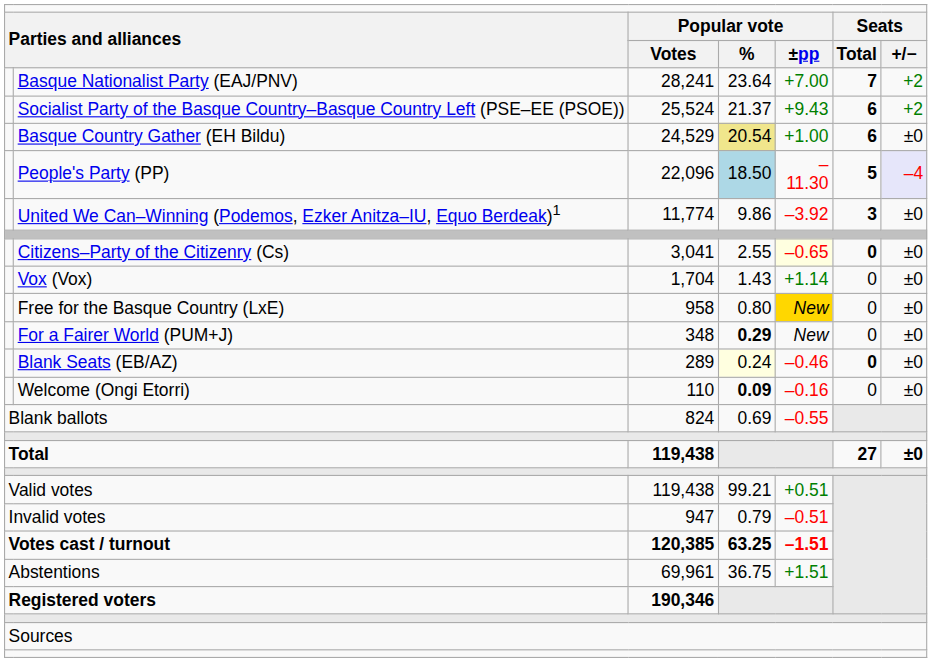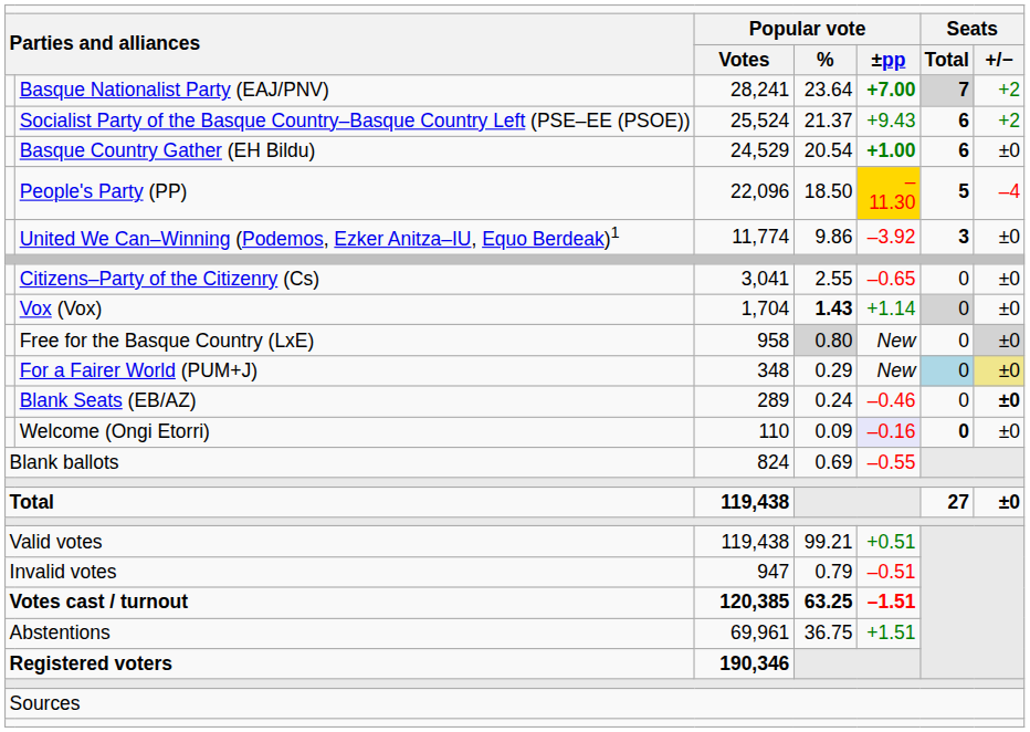 <table class="wikitable" style="text-align:right;">
 <tr>
 <td colspan="7"></td>
 </tr>
 <tr>
 <th style="text-align:left;" rowspan="2" colspan="2" width="525">Parties and alliances</th>
 <th colspan="3">Popular vote</th>
 <th colspan="2">Seats</th>
 </tr>
 <tr>
 <th width="75">Votes</th>
 <th width="45">%</th>
 <th width="45">±<a href='#'>pp</a></th>
 <th width="35">Total</th>
 <th width="35">+/−</th>
 </tr>
 <tr>
 <td width="1" style="color:inherit;background:"></td>
 <td align="left"><a href='#'>Basque Nationalist Party</a> (EAJ/PNV)</td>
 <td>28,241</td>
 <td>23.64</td>
-<td style="color:green;">+7.00</td>
-<td><strong>7</strong></td>
+<td style="color:green;"><strong>+7.00</strong></td>
+<td style="background: lightgrey;"><strong>7</strong></td>
 <td style="color:green;">+2</td>
 </tr>
 <tr>
 <td style="color:inherit;background:"></td>
 <td align="left"><a href='#'>Socialist Party of the Basque Country–Basque Country Left</a> (PSE–EE (PSOE))</td>
 <td>25,524</td>
 <td>21.37</td>
 <td style="color:green;">+9.43</td>
 <td><strong>6</strong></td>
 <td style="color:green;">+2</td>
 </tr>
 <tr>
 <td style="color:inherit;background:"></td>
 <td align="left"><a href='#'>Basque Country Gather</a> (EH Bildu)</td>
 <td>24,529</td>
-<td style="background: khaki;">20.54</td>
-<td style="color:green;">+1.00</td>
+<td>20.54</td>
+<td style="color:green;"><strong>+1.00</strong></td>
 <td><strong>6</strong></td>
 <td>±0</td>
 </tr>
 <tr>
 <td style="color:inherit;background:"></td>
 <td align="left"><a href='#'>People's Party</a> (PP)</td>
 <td>22,096</td>
-<td style="background: lightblue;">18.50</td>
-<td style="color:red;">–11.30</td>
+<td>18.50</td>
+<td style="background: gold; color:red;">–11.30</td>
 <td><strong>5</strong></td>
-<td style="background: lavender; color:red;">–4</td>
+<td style="color:red;">–4</td>
 </tr>
 <tr>
 <td style="color:inherit;background:"></td>
 <td align="left"><a href='#'>United We Can–Winning</a> (<a href='#'>Podemos</a>, <a href='#'>Ezker Anitza–IU</a>, <a href='#'>Equo Berdeak</a>)<sup>1</sup></td>
 <td>11,774</td>
 <td>9.86</td>
 <td style="color:red;">–3.92</td>
 <td><strong>3</strong></td>
 <td>±0</td>
 </tr>
 <tr>
 <td colspan="7" bgcolor="#C0C0C0"></td>
 </tr>
 <tr>
 <td style="color:inherit;background:"></td>
 <td align="left"><a href='#'>Citizens–Party of the Citizenry</a> (Cs)</td>
 <td>3,041</td>
 <td>2.55</td>
-<td style="background: lightyellow; color:red;">–0.65</td>
-<td><strong>0</strong></td>
+<td style="color:red;">–0.65</td>
+<td>0</td>
 <td>±0</td>
 </tr>
 <tr>
 <td style="color:inherit;background:"></td>
 <td align="left"><a href='#'>Vox</a> (Vox)</td>
 <td>1,704</td>
-<td>1.43</td>
+<td><strong>1.43</strong></td>
 <td style="color:green;">+1.14</td>
-<td>0</td>
+<td style="background: lightgrey;">0</td>
 <td>±0</td>
 </tr>
 <tr>
 <td style="color:inherit;background:"></td>
 <td align="left">Free for the Basque Country (LxE)</td>
 <td>958</td>
-<td>0.80</td>
-<td style="background: gold;"><em>New</em></td>
+<td style="background: lightgrey;">0.80</td>
+<td><em>New</em></td>
 <td>0</td>
-<td>±0</td>
+<td style="background: lightgrey;">±0</td>
 </tr>
 <tr>
 <td style="color:inherit;background:"></td>
 <td align="left"><a href='#'>For a Fairer World</a> (PUM+J)</td>
 <td>348</td>
-<td><strong>0.29</strong></td>
+<td>0.29</td>
 <td><em>New</em></td>
-<td>0</td>
-<td>±0</td>
+<td style="background: lightblue;">0</td>
+<td style="background: khaki;">±0</td>
 </tr>
 <tr>
 <td style="color:inherit;background:"></td>
 <td align="left"><a href='#'>Blank Seats</a> (EB/AZ)</td>
 <td>289</td>
-<td style="background: lightyellow;">0.24</td>
+<td>0.24</td>
 <td style="color:red;">–0.46</td>
-<td><strong>0</strong></td>
-<td>±0</td>
+<td>0</td>
+<td><strong>±0</strong></td>
 </tr>
 <tr>
 <td style="color:inherit;background:"></td>
 <td align="left">Welcome (Ongi Etorri)</td>
 <td>110</td>
-<td><strong>0.09</strong></td>
-<td style="color:red;">–0.16</td>
-<td>0</td>
+<td>0.09</td>
+<td style="background: lavender; color:red;">–0.16</td>
+<td><strong>0</strong></td>
 <td>±0</td>
 </tr>
 <tr>
 <td align="left" colspan="2">Blank ballots</td>
 <td>824</td>
 <td>0.69</td>
 <td style="color:red;">–0.55</td>
 <td bgcolor="#E9E9E9" colspan="2"></td>
 </tr>
 <tr>
 <td colspan="7" bgcolor="#E9E9E9"></td>
 </tr>
 <tr style="font-weight:bold;">
 <td align="left" colspan="2">Total</td>
 <td>119,438</td>
 <td bgcolor="#E9E9E9" colspan="2"></td>
 <td>27</td>
 <td>±0</td>
 </tr>
 <tr>
 <td colspan="7" bgcolor="#E9E9E9"></td>
 </tr>
 <tr>
 <td align="left" colspan="2">Valid votes</td>
 <td>119,438</td>
 <td>99.21</td>
 <td style="color:green;">+0.51</td>
 <td bgcolor="#E9E9E9" colspan="2" rowspan="5"></td>
 </tr>
 <tr>
 <td align="left" colspan="2">Invalid votes</td>
 <td>947</td>
 <td>0.79</td>
 <td style="color:red;">–0.51</td>
 </tr>
 <tr style="font-weight:bold;">
 <td align="left" colspan="2">Votes cast / turnout</td>
 <td>120,385</td>
 <td>63.25</td>
 <td style="color:red;">–1.51</td>
 </tr>
 <tr>
 <td align="left" colspan="2">Abstentions</td>
 <td>69,961</td>
 <td>36.75</td>
 <td style="color:green;">+1.51</td>
 </tr>
 <tr style="font-weight:bold;">
 <td align="left" colspan="2">Registered voters</td>
 <td>190,346</td>
 <td bgcolor="#E9E9E9" colspan="2"></td>
 </tr>
 <tr>
 <td colspan="7" bgcolor="#E9E9E9"></td>
 </tr>
 <tr>
 <td align="left" colspan="7">Sources</td>
 </tr>
 <tr>
 <td colspan="7" style="text-align:left; max-width:790px;"></td>
 </tr>
 </table>
